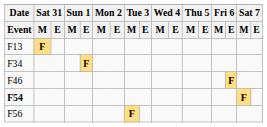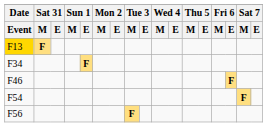 <table class="wikitable" style="margin:0.5em auto; font-size:90%; line-height:1.25em;">
 <tr align="center">
 </tr>
 <tr>
 <th>Date</th>
 <th colspan="2">Sat 31</th>
 <th colspan="2">Sun 1</th>
 <th colspan="2">Mon 2</th>
 <th colspan="2">Tue 3</th>
 <th colspan="2">Wed 4</th>
 <th colspan="2">Thu 5</th>
 <th colspan="2">Fri 6</th>
 <th colspan="2">Sat 7</th>
 </tr>
 <tr>
 <th>Event</th>
 <th>M</th>
 <th>E</th>
 <th>M</th>
 <th>E</th>
 <th>M</th>
 <th>E</th>
 <th>M</th>
 <th>E</th>
 <th>M</th>
 <th>E</th>
 <th>M</th>
 <th>E</th>
 <th>M</th>
 <th>E</th>
 <th>M</th>
 <th>E</th>
 </tr>
 <tr align="center">
-<td align="left">F13</td>
+<td align="left" style="background: gold;">F13</td>
 <td bgcolor="#FFDF80"><strong>F</strong></td>
 <td></td>
 <td colspan="2"></td>
 <td colspan="2"></td>
 <td colspan="2"></td>
 <td colspan="2"></td>
 <td colspan="2"></td>
 <td colspan="2"></td>
 <td colspan="2"></td>
 </tr>
 <tr align="center">
 <td align="left">F34</td>
 <td colspan="2"></td>
 <td></td>
 <td bgcolor="#FFDF80"><strong>F</strong></td>
 <td colspan="2"></td>
 <td colspan="2"></td>
 <td colspan="2"></td>
 <td colspan="2"></td>
 <td colspan="2"></td>
 <td colspan="2"></td>
 </tr>
 <tr align="center">
 <td align="left">F46</td>
 <td colspan="2"></td>
 <td colspan="2"></td>
 <td colspan="2"></td>
 <td colspan="2"></td>
 <td colspan="2"></td>
 <td colspan="2"></td>
 <td></td>
 <td bgcolor="#FFDF80"><strong>F</strong></td>
 <td colspan="2"></td>
 </tr>
 <tr align="center">
-<td align="left"><strong>F54</strong></td>
+<td align="left">F54</td>
 <td colspan="2"></td>
 <td colspan="2"></td>
 <td colspan="2"></td>
 <td colspan="2"></td>
 <td colspan="2"></td>
 <td colspan="2"></td>
 <td colspan="2"></td>
 <td bgcolor="#FFDF80"><strong>F</strong></td>
 <td></td>
 </tr>
 <tr align="center">
 <td align="left">F56</td>
 <td colspan="2"></td>
 <td colspan="2"></td>
 <td colspan="2"></td>
 <td bgcolor="#FFDF80"><strong>F</strong></td>
 <td></td>
 <td colspan="2"></td>
 <td colspan="2"></td>
 <td colspan="2"></td>
 <td colspan="2"></td>
 </tr>
 </table>
